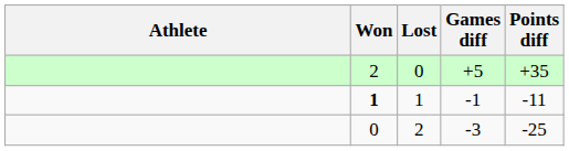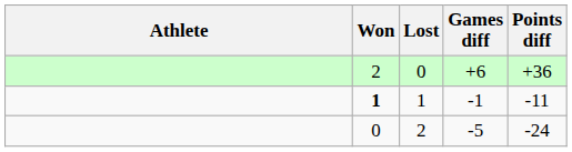 <table class="wikitable">
 <tr>
 <th style="width:18em">Athlete</th>
 <th>Won</th>
 <th>Lost</th>
 <th>Games<br>diff</th>
 <th>Points<br>diff</th>
 </tr>
 <tr bgcolor="#ccffcc">
 <td></td>
 <td align="center">2</td>
 <td align="center">0</td>
-<td align="center">+5</td>
-<td align="center">+35</td>
+<td align="center">+6</td>
+<td align="center">+36</td>
 </tr>
 <tr>
 <td></td>
 <td align="center"><strong>1</strong></td>
 <td align="center">1</td>
 <td align="center">-1</td>
 <td align="center">-11</td>
 </tr>
 <tr>
 <td></td>
 <td align="center">0</td>
 <td align="center">2</td>
-<td align="center">-3</td>
-<td align="center">-25</td>
+<td align="center">-5</td>
+<td align="center">-24</td>
 </tr>
 </table>
